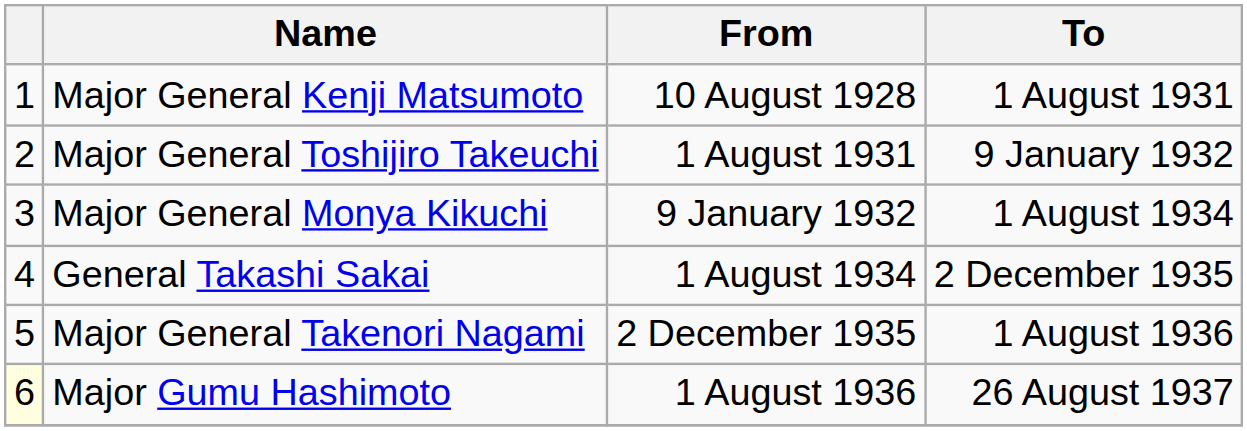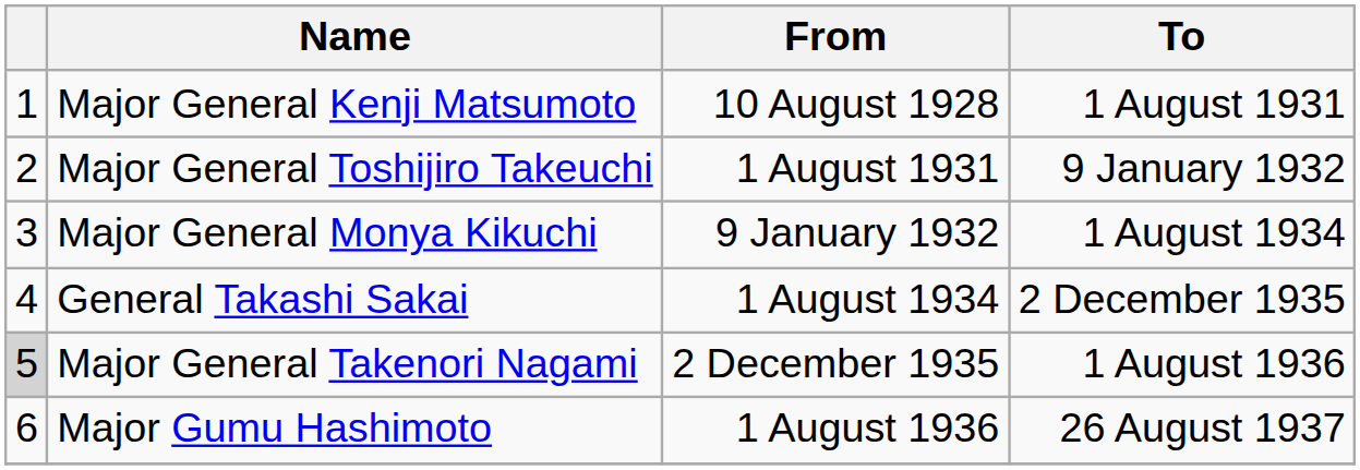 <table class=wikitable>
 <tr>
 <th></th>
 <th>Name</th>
 <th>From</th>
 <th>To</th>
 </tr>
 <tr>
 <td>1</td>
 <td>Major General <a href='#'>Kenji Matsumoto</a></td>
 <td align = "right">10 August 1928</td>
 <td align = "right">1 August 1931</td>
 </tr>
 <tr>
 <td>2</td>
 <td>Major General <a href='#'>Toshijiro Takeuchi</a></td>
 <td align = "right">1 August 1931</td>
 <td align = "right">9 January 1932</td>
 </tr>
 <tr>
 <td>3</td>
 <td>Major General <a href='#'>Monya Kikuchi</a></td>
 <td align = "right">9 January 1932</td>
 <td align = "right">1 August 1934</td>
 </tr>
 <tr>
 <td>4</td>
 <td>General <a href='#'>Takashi Sakai</a></td>
 <td align = "right">1 August 1934</td>
 <td align = "right">2 December 1935</td>
 </tr>
 <tr>
-<td>5</td>
+<td style="background: lightgrey;">5</td>
 <td>Major General <a href='#'>Takenori Nagami</a></td>
 <td align = "right">2 December 1935</td>
 <td align = "right">1 August 1936</td>
 </tr>
 <tr>
-<td style="background: lightyellow;">6</td>
+<td>6</td>
 <td>Major <a href='#'>Gumu Hashimoto</a></td>
 <td align = "right">1 August 1936</td>
 <td align = "right">26 August 1937</td>
 </tr>
 <tr>
 </tr>
 </table>
